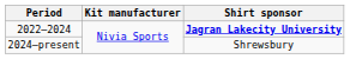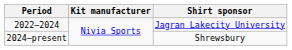 <table class="wikitable" style="text-align:center;margin-left:1em;float:center">
 <tr>
 <th>Period</th>
 <th>Kit manufacturer</th>
 <th>Shirt sponsor</th>
 </tr>
 <tr>
 <td>2022—2024</td>
 <td rowspan="2"><a href='#'>Nivia Sports</a></td>
-<td><strong><a href='#'>Jagran Lakecity University</a></strong></td>
+<td><a href='#'>Jagran Lakecity University</a></td>
 </tr>
 <tr>
 <td>2024—present</td>
 <td>Shrewsbury</td>
 </tr>
 </table>
